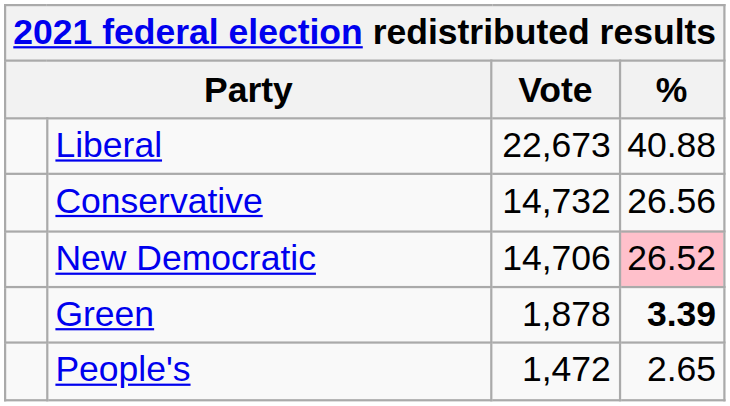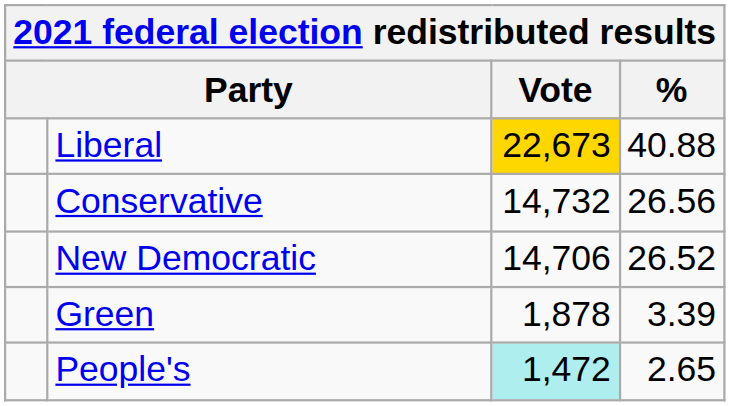 <table class="wikitable">
 <tr>
 <th colspan="4"><a href='#'>2021 federal election</a> redistributed results</th>
 </tr>
 <tr>
 <th bgcolor="#DDDDFF" width="130px" colspan="2">Party</th>
 <th bgcolor="#DDDDFF" width="50px">Vote</th>
 <th bgcolor="#DDDDFF" width="30px">%</th>
 </tr>
 <tr>
 <td> </td>
 <td><a href='#'>Liberal</a></td>
-<td align=right>22,673</td>
+<td align=right style="background: gold;">22,673</td>
 <td align=right>40.88</td>
 </tr>
 <tr>
 <td> </td>
 <td><a href='#'>Conservative</a></td>
 <td align=right>14,732</td>
 <td align=right>26.56</td>
 </tr>
 <tr>
 <td> </td>
 <td><a href='#'>New Democratic</a></td>
 <td align=right>14,706</td>
-<td align=right style="background: pink;">26.52</td>
+<td align=right>26.52</td>
 </tr>
 <tr>
 <td> </td>
 <td><a href='#'>Green</a></td>
 <td align=right>1,878</td>
-<td align=right><strong>3.39</strong></td>
+<td align=right>3.39</td>
 </tr>
 <tr>
 <td> </td>
 <td><a href='#'>People's</a></td>
-<td align=right>1,472</td>
+<td align=right style="background: paleturquoise;">1,472</td>
 <td align=right>2.65</td>
 </tr>
 </table>
